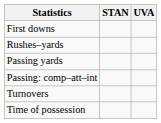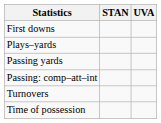 <table class="wikitable" style="float:left">
 <tr>
 <th>Statistics</th>
 <th>STAN</th>
 <th>UVA</th>
 </tr>
 <tr>
 <td>First downs</td>
 <td></td>
 <td></td>
 </tr>
 <tr>
-<td>Rushes–yards</td>
+<td>Plays–yards</td>
 <td></td>
 <td></td>
 </tr>
 <tr>
 <td>Passing yards</td>
 <td></td>
 <td></td>
 </tr>
 <tr>
 <td>Passing: comp–att–int</td>
 <td></td>
 <td></td>
 </tr>
 <tr>
 <td>Turnovers</td>
 <td></td>
 <td></td>
 </tr>
 <tr>
 <td>Time of possession</td>
 <td></td>
 <td></td>
 </tr>
 </table>
